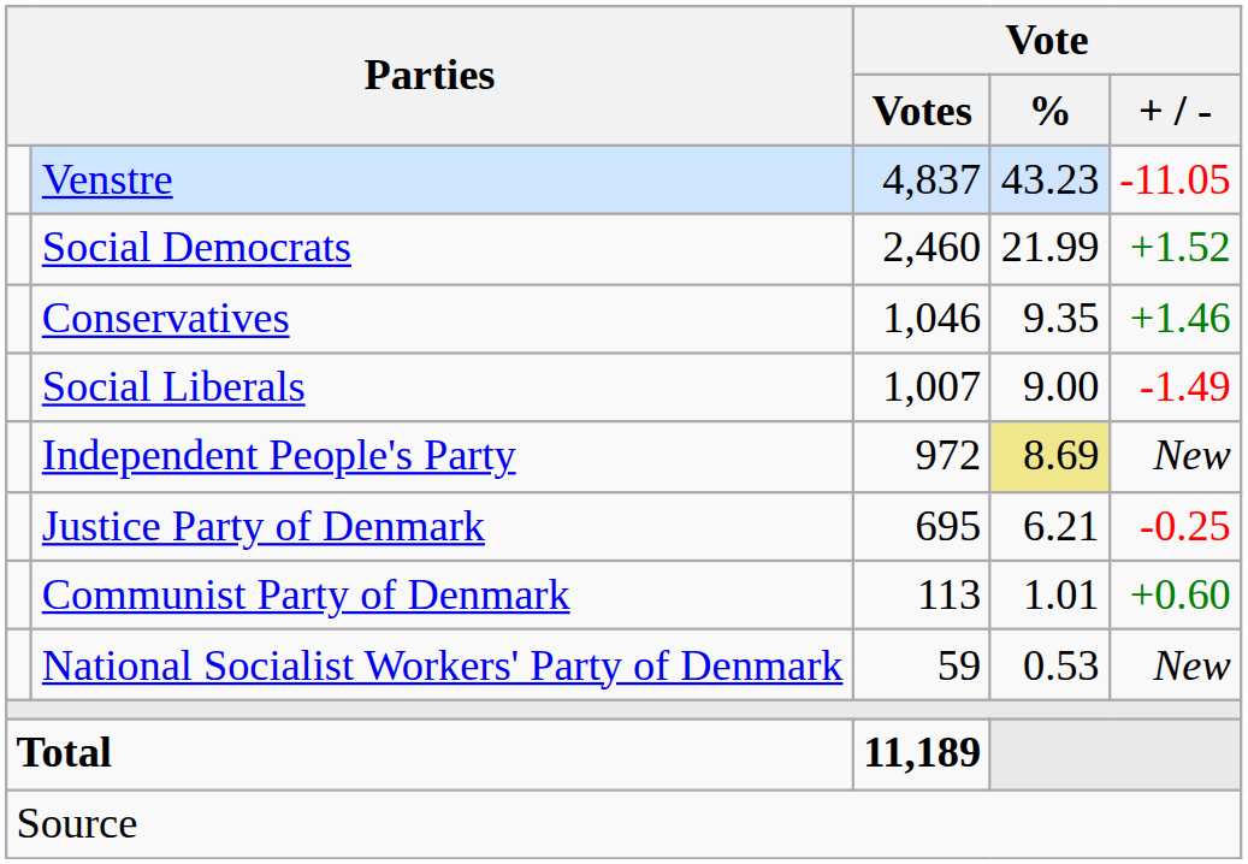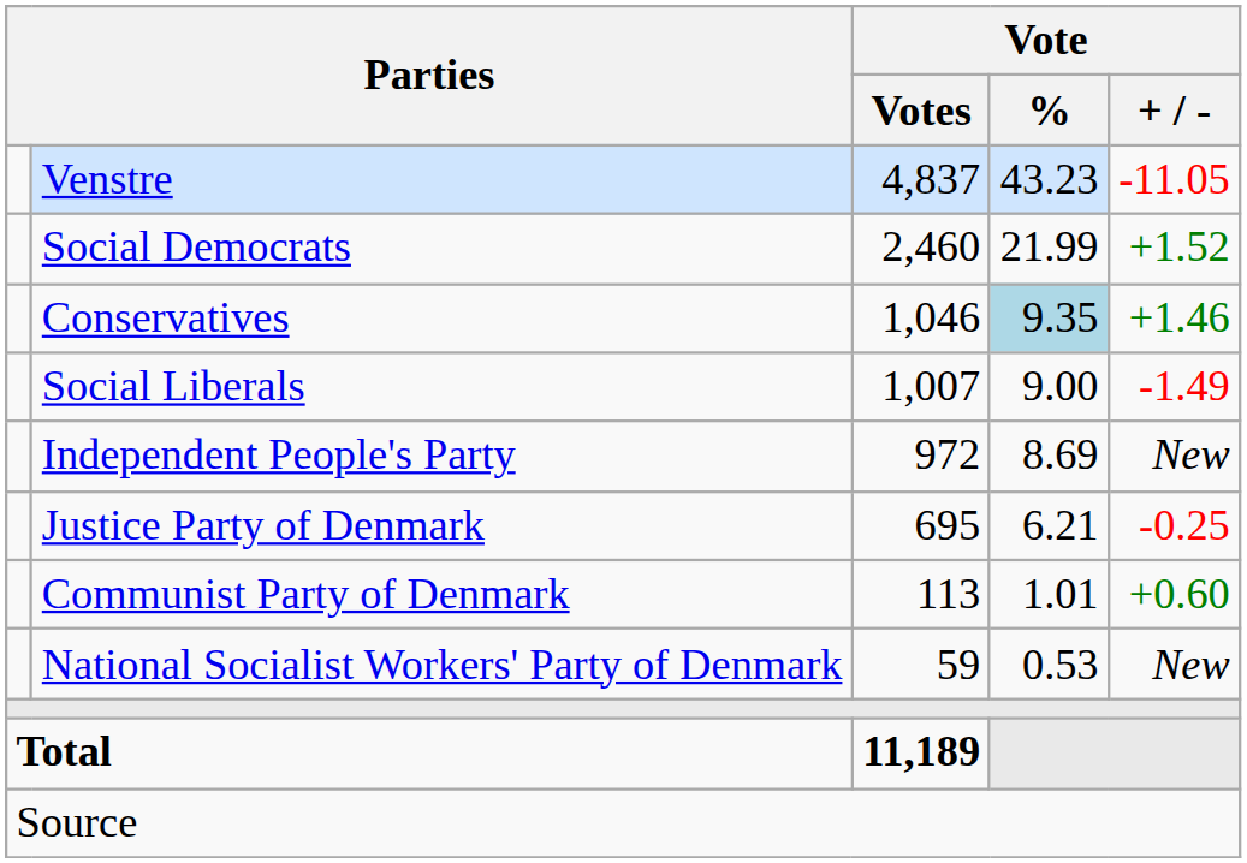 <table class="wikitable" style="text-align:right;">
 <tr>
 <th style="text-align:centre;" rowspan="2" colspan="2" width="225">Parties</th>
 <th colspan="3">Vote</th>
 </tr>
 <tr>
 <th width="15">Votes</th>
 <th width="15">%</th>
 <th width="15">+ / -</th>
 </tr>
 <tr>
 <td width="2" style="color:inherit;background:"></td>
 <td bgcolor=#cfe5fe  align="left"><a href='#'>Venstre</a></td>
 <td bgcolor=#cfe5fe>4,837</td>
 <td bgcolor=#cfe5fe>43.23</td>
 <td style=color:red;>-11.05</td>
 </tr>
 <tr>
 <td width="2" style="color:inherit;background:"></td>
 <td align="left"><a href='#'>Social Democrats</a></td>
 <td>2,460</td>
 <td>21.99</td>
 <td style=color:green;>+1.52</td>
 </tr>
 <tr>
 <td width="2" style="color:inherit;background:"></td>
 <td align="left"><a href='#'>Conservatives</a></td>
 <td>1,046</td>
-<td>9.35</td>
+<td style="background: lightblue;">9.35</td>
 <td style=color:green;>+1.46</td>
 </tr>
 <tr>
 <td width="2" style="color:inherit;background:"></td>
 <td align="left"><a href='#'>Social Liberals</a></td>
 <td>1,007</td>
 <td>9.00</td>
 <td style=color:red;>-1.49</td>
 </tr>
 <tr>
 <td width="2" style="color:inherit;background:"></td>
 <td align="left"><a href='#'>Independent People's Party</a></td>
 <td>972</td>
-<td style="background: khaki;">8.69</td>
+<td>8.69</td>
 <td><em>New</em></td>
 </tr>
 <tr>
 <td width="2" style="color:inherit;background:"></td>
 <td align="left"><a href='#'>Justice Party of Denmark</a></td>
 <td>695</td>
 <td>6.21</td>
 <td style=color:red;>-0.25</td>
 </tr>
 <tr>
 <td width="2" style="color:inherit;background:"></td>
 <td align="left"><a href='#'>Communist Party of Denmark</a></td>
 <td>113</td>
 <td>1.01</td>
 <td style=color:green;>+0.60</td>
 </tr>
 <tr>
 <td width="2" style="color:inherit;background:"></td>
 <td align="left"><a href='#'>National Socialist Workers' Party of Denmark</a></td>
 <td>59</td>
 <td>0.53</td>
 <td><em>New</em></td>
 </tr>
 <tr>
 <td colspan="7" bgcolor="#E9E9E9"></td>
 </tr>
 <tr>
 <td align="left" colspan="2"><strong>Total</strong></td>
 <td><strong>11,189</strong></td>
 <td bgcolor="#E9E9E9" colspan="2"></td>
 </tr>
 <tr>
 <td align="left" colspan="6">Source</td>
 </tr>
 </table>
